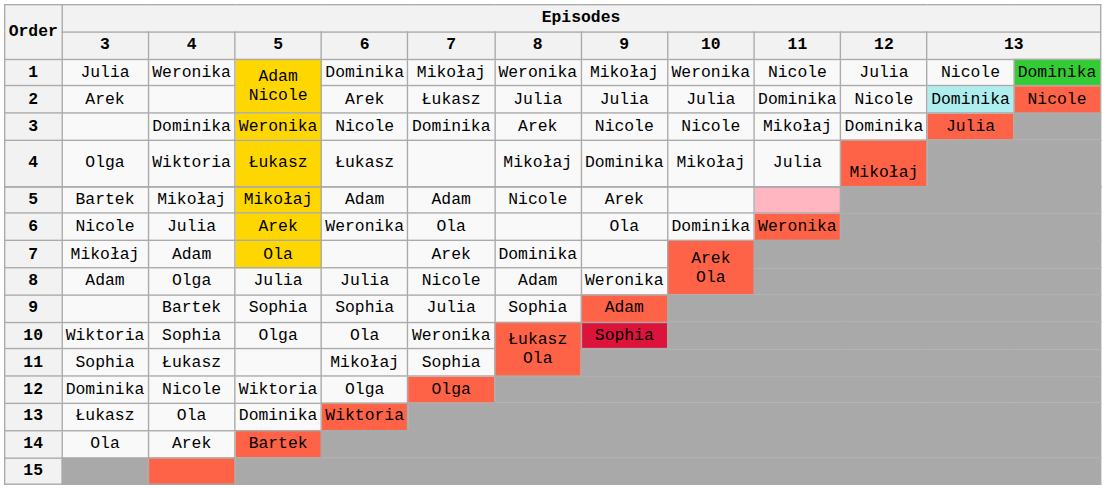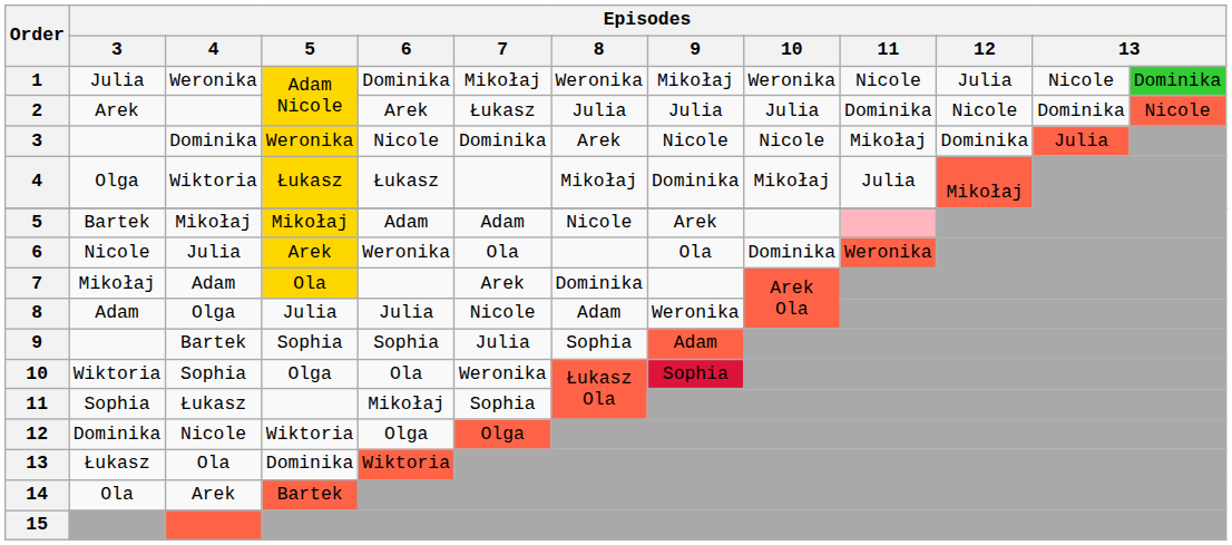 <table class="wikitable" style="text-align:center; font-size:92%">
 <tr>
 <th rowspan=2>Order</th>
 <th colspan=14>Episodes</th>
 </tr>
 <tr>
 <th>3</th>
 <th>4</th>
 <th>5</th>
 <th>6</th>
 <th>7</th>
 <th>8</th>
 <th>9</th>
 <th>10</th>
 <th>11</th>
 <th>12</th>
 <th colspan="2">13</th>
 </tr>
 <tr>
 <th>1</th>
 <td>Julia</td>
 <td>Weronika</td>
 <td rowspan="2" style="background:gold">Adam<br>Nicole</td>
 <td>Dominika</td>
 <td>Mikołaj</td>
 <td>Weronika</td>
 <td>Mikołaj</td>
 <td>Weronika</td>
 <td>Nicole</td>
 <td>Julia</td>
 <td>Nicole</td>
 <td style="background:limegreen">Dominika</td>
 </tr>
 <tr>
 <th>2</th>
 <td>Arek</td>
 <td></td>
 <td>Arek</td>
 <td>Łukasz</td>
 <td>Julia</td>
 <td>Julia</td>
 <td>Julia</td>
 <td>Dominika</td>
 <td>Nicole</td>
-<td style="background: paleturquoise;">Dominika</td>
+<td>Dominika</td>
 <td style="background:tomato">Nicole</td>
 </tr>
 <tr>
 <th>3</th>
 <td></td>
 <td>Dominika</td>
 <td style="background:gold">Weronika</td>
 <td>Nicole</td>
 <td>Dominika</td>
 <td>Arek</td>
 <td>Nicole</td>
 <td>Nicole</td>
 <td>Mikołaj</td>
 <td>Dominika</td>
 <td style="background:tomato">Julia</td>
 <td style="background:darkgray;" colspan="9"></td>
 </tr>
 <tr>
 <th>4</th>
 <td>Olga</td>
 <td>Wiktoria</td>
 <td style="background:gold">Łukasz</td>
 <td>Łukasz</td>
 <td></td>
 <td>Mikołaj</td>
 <td>Dominika</td>
 <td>Mikołaj</td>
 <td>Julia</td>
 <td rowspan="2"style="background:tomato"><br>Mikołaj</td>
 <td style="background:darkgray;" colspan="9"></td>
 </tr>
 <tr>
 </tr>
 <tr>
 <th>5</th>
 <td>Bartek</td>
 <td>Mikołaj</td>
 <td style="background:gold">Mikołaj</td>
 <td>Adam</td>
 <td>Adam</td>
 <td>Nicole</td>
 <td>Arek</td>
 <td></td>
 <td bgcolor="lightpink"></td>
 <td style="background:darkgray;" colspan="9"></td>
 </tr>
 <tr>
 <th>6</th>
 <td>Nicole</td>
 <td>Julia</td>
 <td style="background:gold">Arek</td>
 <td>Weronika</td>
 <td>Ola</td>
 <td></td>
 <td>Ola</td>
 <td>Dominika</td>
 <td style="background:tomato">Weronika</td>
 <td style="background:darkgray;" colspan="9"></td>
 </tr>
 <tr>
 <th>7</th>
 <td>Mikołaj</td>
 <td>Adam</td>
 <td style="background:gold">Ola</td>
 <td></td>
 <td>Arek</td>
 <td>Dominika</td>
 <td></td>
 <td rowspan="2"style="background:tomato">Arek<br>Ola</td>
 <td style="background:darkgray;" colspan="9"></td>
 </tr>
 <tr>
 <th>8</th>
 <td>Adam</td>
 <td>Olga</td>
 <td>Julia</td>
 <td>Julia</td>
 <td>Nicole</td>
 <td>Adam</td>
 <td>Weronika</td>
 <td style="background:darkgray;" colspan="9"></td>
 </tr>
 <tr>
 <th>9</th>
 <td></td>
 <td>Bartek</td>
 <td>Sophia</td>
 <td>Sophia</td>
 <td>Julia</td>
 <td>Sophia</td>
 <td style="background:tomato">Adam</td>
 <td style="background:darkgray;" colspan="9"></td>
 </tr>
 <tr>
 <th>10</th>
 <td>Wiktoria</td>
 <td>Sophia</td>
 <td>Olga</td>
 <td>Ola</td>
 <td>Weronika</td>
 <td rowspan="2"style="background:tomato">Łukasz<br>Ola</td>
 <td style="background:crimson;"><span>Sophia</span></td>
 <td style="background:darkgray;" colspan="9"></td>
 </tr>
 <tr>
 <th>11</th>
 <td>Sophia</td>
 <td>Łukasz</td>
 <td></td>
 <td>Mikołaj</td>
 <td>Sophia</td>
 <td style="background:darkgray;" colspan="9"></td>
 </tr>
 <tr>
 <th>12</th>
 <td>Dominika</td>
 <td>Nicole</td>
 <td>Wiktoria</td>
 <td>Olga</td>
 <td style="background:tomato">Olga</td>
 <td style="background:darkgray;" colspan="9"></td>
 </tr>
 <tr>
 <th>13</th>
 <td>Łukasz</td>
 <td>Ola</td>
 <td>Dominika</td>
 <td style="background:tomato">Wiktoria</td>
 <td style="background:darkgray;" colspan="9"></td>
 </tr>
 <tr>
 <th>14</th>
 <td>Ola</td>
 <td>Arek</td>
 <td style="background:tomato">Bartek</td>
 <td style="background:darkgray;" colspan="9"></td>
 </tr>
 <tr>
 <th>15</th>
 <td style="background:darkgray"></td>
 <td style="background:tomato"></td>
 <td style="background:darkgray;" colspan="10"></td>
 </tr>
 </table>
